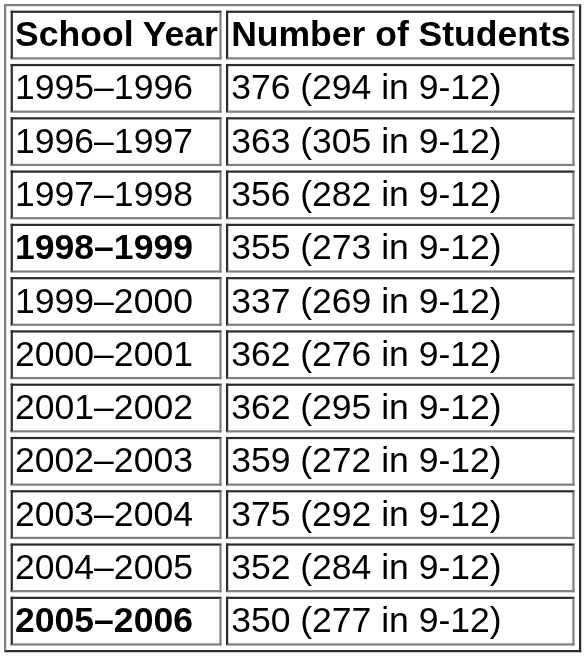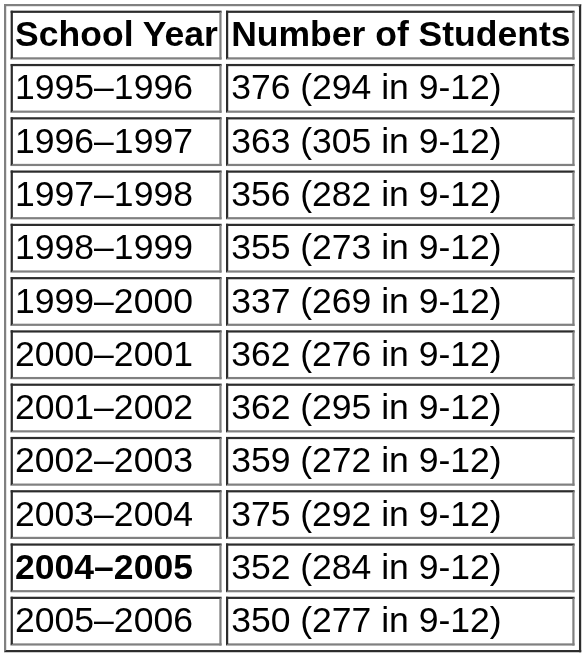 <table border="1">
 <tr>
 <td><strong>School Year</strong></td>
 <td><strong>Number of Students</strong></td>
 </tr>
 <tr>
 <td>1995–1996</td>
 <td>376 (294 in 9-12)</td>
 </tr>
 <tr>
 <td>1996–1997</td>
 <td>363 (305 in 9-12)</td>
 </tr>
 <tr>
 <td>1997–1998</td>
 <td>356 (282 in 9-12)</td>
 </tr>
 <tr>
-<td><strong>1998–1999</strong></td>
+<td>1998–1999</td>
 <td>355 (273 in 9-12)</td>
 </tr>
 <tr>
 <td>1999–2000</td>
 <td>337 (269 in 9-12)</td>
 </tr>
 <tr>
 <td>2000–2001</td>
 <td>362 (276 in 9-12)</td>
 </tr>
 <tr>
 <td>2001–2002</td>
 <td>362 (295 in 9-12)</td>
 </tr>
 <tr>
 <td>2002–2003</td>
 <td>359 (272 in 9-12)</td>
 </tr>
 <tr>
 <td>2003–2004</td>
 <td>375 (292 in 9-12)</td>
 </tr>
 <tr>
-<td>2004–2005</td>
+<td><strong>2004–2005</strong></td>
 <td>352 (284 in 9-12)</td>
 </tr>
 <tr>
-<td><strong>2005–2006</strong></td>
+<td>2005–2006</td>
 <td>350 (277 in 9-12)</td>
 </tr>
 </table>
